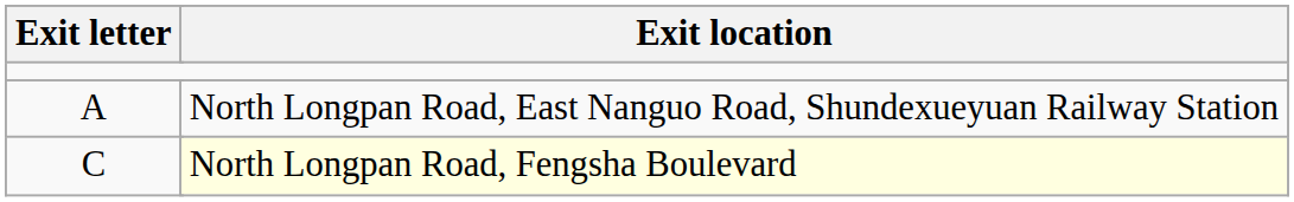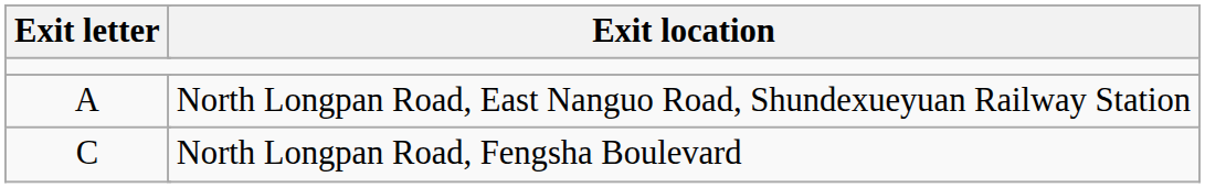 <table class=wikitable>
 <tr>
 <th colspan=2 style="width:70px">Exit letter</th>
 <th>Exit location</th>
 </tr>
 <tr style="background:#">
 <td colspan="4"></td>
 </tr>
 <tr>
 <td colspan=2 align=center>A</td>
 <td>North Longpan Road, East Nanguo Road, Shundexueyuan Railway Station</td>
 </tr>
 <tr>
 <td colspan=2 align=center>C</td>
-<td style="background: lightyellow;">North Longpan Road, Fengsha Boulevard</td>
+<td>North Longpan Road, Fengsha Boulevard</td>
 </tr>
 </table>
